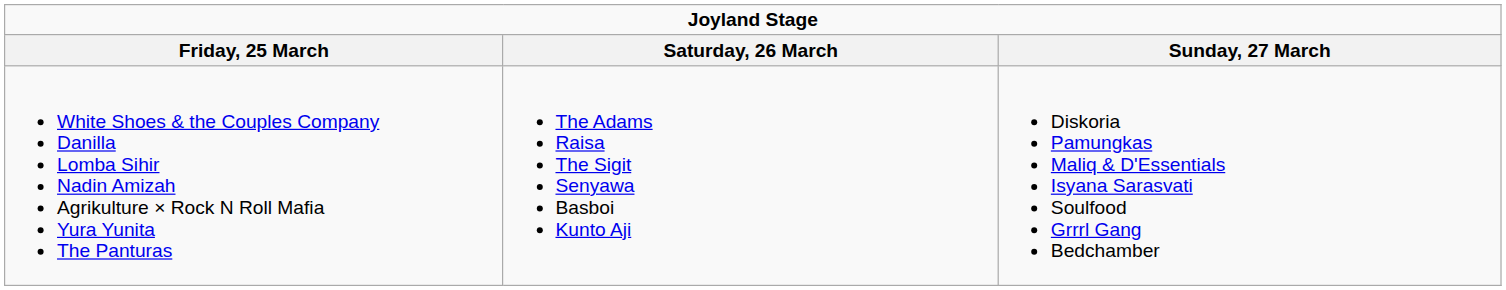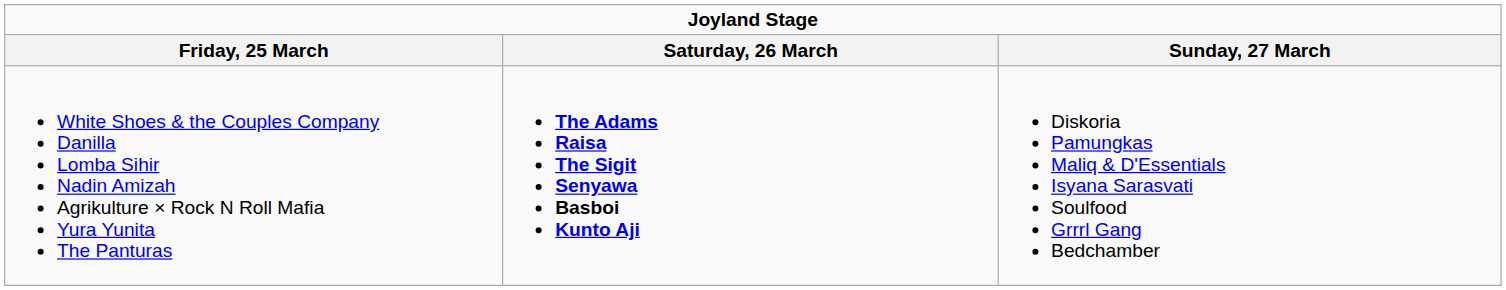 <table class="wikitable">
 <tr>
 <td colspan="4" align="center"><strong>Joyland Stage</strong></td>
 </tr>
 <tr>
 <th width="500">Friday, 25 March</th>
 <th width="500">Saturday, 26 March</th>
 <th width="500">Sunday, 27 March</th>
 </tr>
 <tr valign="top">
 <td><br><ul><li><a href='#'>White Shoes & the Couples Company</a></li><li><a href='#'>Danilla</a></li><li><a href='#'>Lomba Sihir</a></li><li><a href='#'>Nadin Amizah</a></li><li>Agrikulture × Rock N Roll Mafia</li><li><a href='#'>Yura Yunita</a></li><li><a href='#'>The Panturas</a></li></ul></td>
-<td><br><ul><li><a href='#'>The Adams</a></li><li><a href='#'>Raisa</a></li><li><a href='#'>The Sigit</a></li><li><a href='#'>Senyawa</a></li><li>Basboi</li><li><a href='#'>Kunto Aji</a></li></ul></td>
+<td><strong><br><ul><li><a href='#'>The Adams</a></li><li><a href='#'>Raisa</a></li><li><a href='#'>The Sigit</a></li><li><a href='#'>Senyawa</a></li><li>Basboi</li><li><a href='#'>Kunto Aji</a></li></ul></strong></td>
 <td><br><ul><li>Diskoria</li><li><a href='#'>Pamungkas</a></li><li><a href='#'>Maliq & D'Essentials</a></li><li><a href='#'>Isyana Sarasvati</a></li><li>Soulfood</li><li><a href='#'>Grrrl Gang</a></li><li>Bedchamber</li></ul></td>
 </tr>
 </table>
